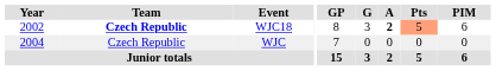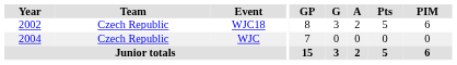 <table border="0" cellpadding="1" cellspacing="0" ID="Table3" style="text-align:center; width:40em">
 <tr ALIGN="center" bgcolor="#e0e0e0">
 <th>Year</th>
 <th>Team</th>
 <th>Event</th>
 <th rowspan="99" bgcolor="#ffffff"></th>
 <th>GP</th>
 <th>G</th>
 <th>A</th>
 <th>Pts</th>
 <th>PIM</th>
 </tr>
 <tr>
 <td><a href='#'>2002</a></td>
-<td><strong><a href='#'>Czech Republic</a></strong></td>
+<td><a href='#'>Czech Republic</a></td>
 <td><a href='#'>WJC18</a></td>
 <td>8</td>
 <td>3</td>
-<td><strong>2</strong></td>
-<td style="background: lightsalmon;">5</td>
+<td>2</td>
+<td>5</td>
 <td>6</td>
 </tr>
 <tr bgcolor="#f0f0f0">
 <td><a href='#'>2004</a></td>
 <td><a href='#'>Czech Republic</a></td>
 <td><a href='#'>WJC</a></td>
 <td>7</td>
 <td>0</td>
 <td>0</td>
 <td>0</td>
 <td>0</td>
 </tr>
 <tr bgcolor="#e0e0e0">
 <th colspan="3">Junior totals</th>
 <th>15</th>
 <th>3</th>
 <th>2</th>
 <th>5</th>
 <th>6</th>
 </tr>
 </table>
